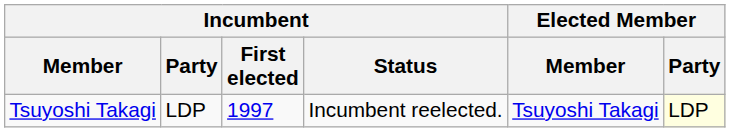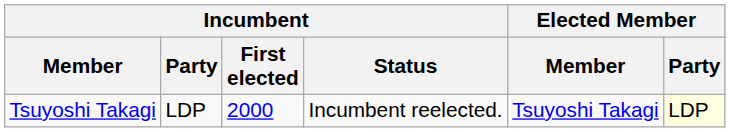 <table class="wikitable sortable">
 <tr>
 <th colspan=4>Incumbent</th>
 <th colspan=2>Elected Member</th>
 </tr>
 <tr>
 <th>Member</th>
 <th>Party</th>
 <th>First<br>elected</th>
 <th>Status</th>
 <th>Member</th>
 <th>Party</th>
 </tr>
 <tr>
 <td><a href='#'>Tsuyoshi Takagi</a></td>
 <td>LDP</td>
-<td><a href='#'>1997</a></td>
+<td><a href='#'>2000</a></td>
 <td>Incumbent reelected.</td>
 <td><a href='#'>Tsuyoshi Takagi</a></td>
 <td style="background: lightyellow;">LDP</td>
 </tr>
 </table>
